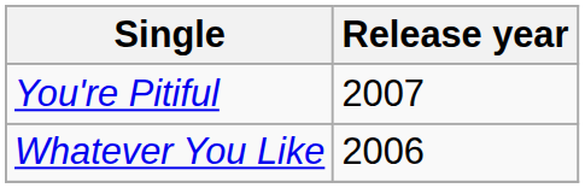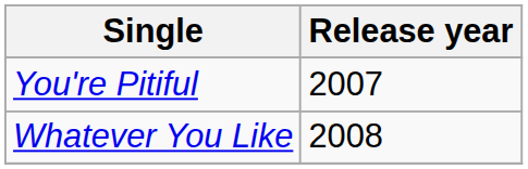 <table class="wikitable">
 <tr bgcolor="#CCCCCC">
 <th>Single</th>
 <th>Release year</th>
 </tr>
 <tr>
 <td><em><a href='#'>You're Pitiful</a></em></td>
 <td>2007</td>
 </tr>
 <tr>
 <td><em><a href='#'>Whatever You Like</a></em></td>
-<td>2006</td>
+<td>2008</td>
 </tr>
 <tr>
 </tr>
 </table>
